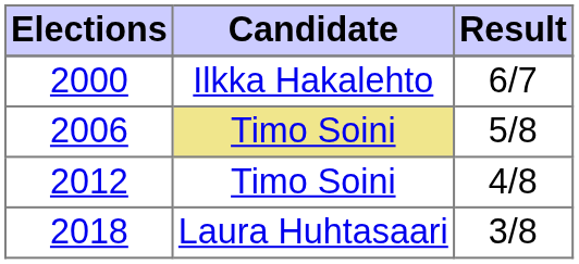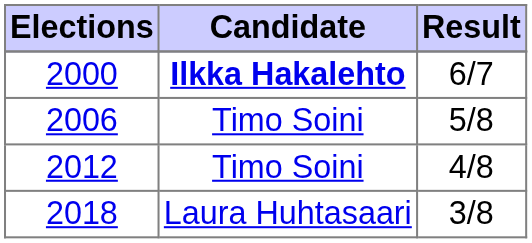 <table class="toccolours" border=1 cellspacing=0 cellpadding=2 style="text-align:center; border-collapse:collapse;">
 <tr style="background:#ccccff">
 <th>Elections</th>
 <th>Candidate</th>
 <th>Result</th>
 </tr>
 <tr style="background:#ccccff">
 </tr>
 <tr>
 <td><a href='#'>2000</a></td>
-<td><a href='#'>Ilkka Hakalehto</a></td>
+<td><strong><a href='#'>Ilkka Hakalehto</a></strong></td>
 <td>6/7</td>
 </tr>
 <tr>
 <td><a href='#'>2006</a></td>
-<td style="background: khaki;"><a href='#'>Timo Soini</a></td>
+<td><a href='#'>Timo Soini</a></td>
 <td>5/8</td>
 </tr>
 <tr>
 <td><a href='#'>2012</a></td>
 <td><a href='#'>Timo Soini</a></td>
 <td>4/8</td>
 </tr>
 <tr>
 <td><a href='#'>2018</a></td>
 <td><a href='#'>Laura Huhtasaari</a></td>
 <td>3/8</td>
 </tr>
 </table>
